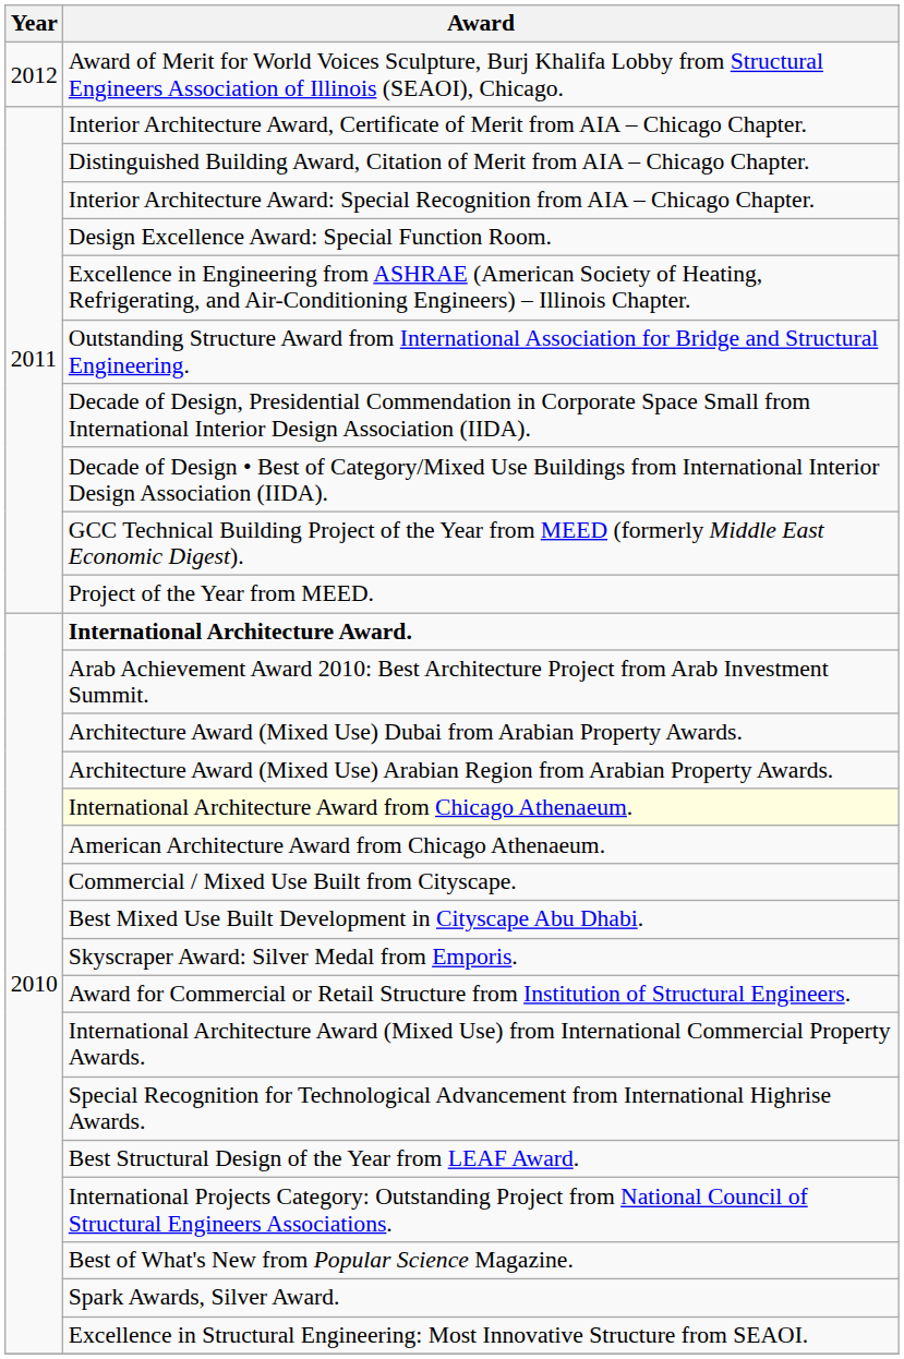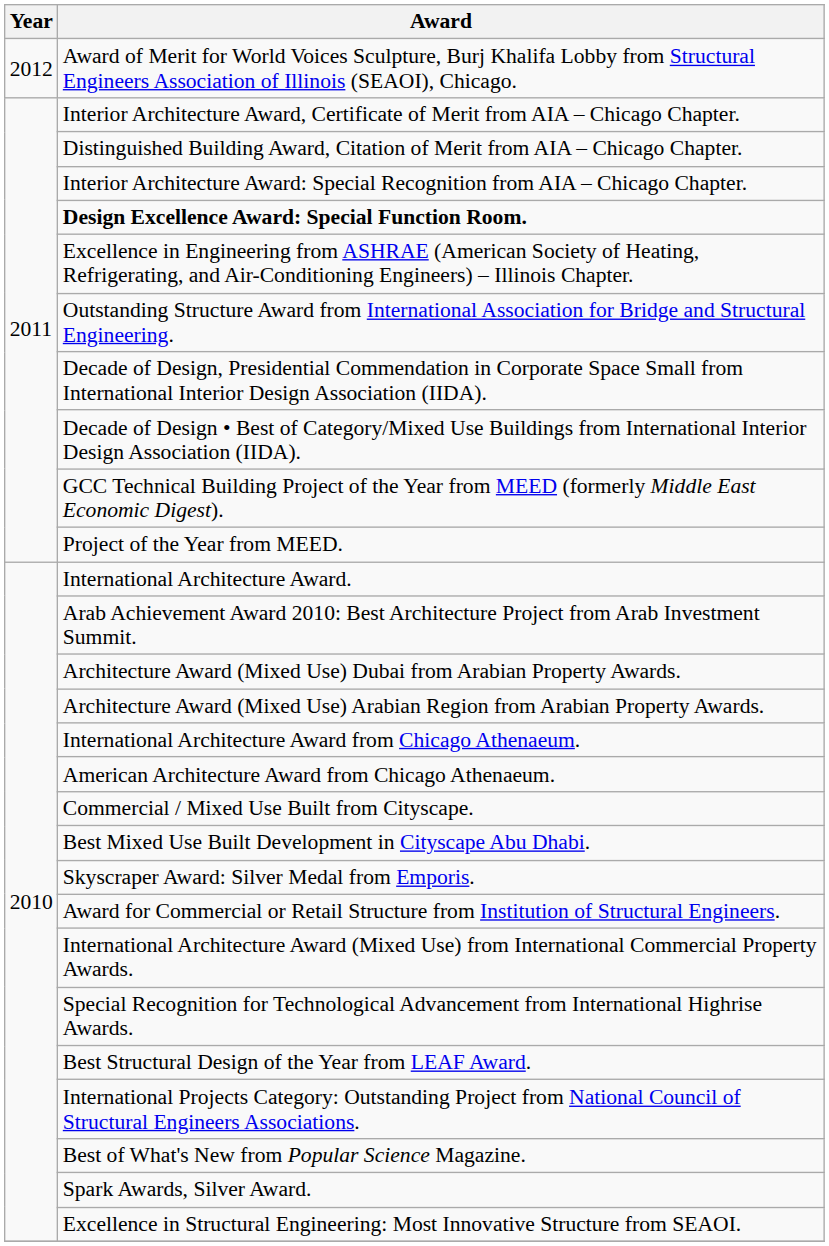 <table class="wikitable">
 <tr>
 <th>Year</th>
 <th>Award</th>
 </tr>
 <tr>
 <td>2012</td>
 <td>Award of Merit for World Voices Sculpture, Burj Khalifa Lobby from <a href='#'>Structural Engineers Association of Illinois</a> (SEAOI), Chicago.</td>
 </tr>
 <tr>
 <td rowspan="10" scope="row">2011</td>
 <td>Interior Architecture Award, Certificate of Merit from AIA – Chicago Chapter.</td>
 </tr>
 <tr>
 <td>Distinguished Building Award, Citation of Merit from AIA – Chicago Chapter.</td>
 </tr>
 <tr>
 <td>Interior Architecture Award: Special Recognition from AIA – Chicago Chapter.</td>
 </tr>
 <tr>
-<td>Design Excellence Award: Special Function Room.</td>
+<td><strong>Design Excellence Award: Special Function Room.</strong></td>
 </tr>
 <tr>
 <td>Excellence in Engineering from <a href='#'>ASHRAE</a> (American Society of Heating, Refrigerating, and Air-Conditioning Engineers) – Illinois Chapter.</td>
 </tr>
 <tr>
 <td>Outstanding Structure Award from <a href='#'>International Association for Bridge and Structural Engineering</a>.</td>
 </tr>
 <tr>
 <td>Decade of Design, Presidential Commendation in Corporate Space Small from International Interior Design Association (IIDA).</td>
 </tr>
 <tr>
 <td>Decade of Design • Best of Category/Mixed Use Buildings from International Interior Design Association (IIDA).</td>
 </tr>
 <tr>
 <td>GCC Technical Building Project of the Year from <a href='#'>MEED</a> (formerly <em>Middle East Economic Digest</em>).</td>
 </tr>
 <tr>
 <td>Project of the Year from MEED.</td>
 </tr>
 <tr>
 <td rowspan="17" scope="row">2010</td>
-<td><strong>International Architecture Award.</strong></td>
+<td>International Architecture Award.</td>
 </tr>
 <tr>
 <td>Arab Achievement Award 2010: Best Architecture Project from Arab Investment Summit.</td>
 </tr>
 <tr>
 <td>Architecture Award (Mixed Use) Dubai from Arabian Property Awards.</td>
 </tr>
 <tr>
 <td>Architecture Award (Mixed Use) Arabian Region from Arabian Property Awards.</td>
 </tr>
 <tr>
-<td style="background: lightyellow;">International Architecture Award from <a href='#'>Chicago Athenaeum</a>.</td>
+<td>International Architecture Award from <a href='#'>Chicago Athenaeum</a>.</td>
 </tr>
 <tr>
 <td>American Architecture Award from Chicago Athenaeum.</td>
 </tr>
 <tr>
 <td>Commercial / Mixed Use Built from Cityscape.</td>
 </tr>
 <tr>
 <td>Best Mixed Use Built Development in <a href='#'>Cityscape Abu Dhabi</a>.</td>
 </tr>
 <tr>
 <td>Skyscraper Award: Silver Medal from <a href='#'>Emporis</a>.</td>
 </tr>
 <tr>
 <td>Award for Commercial or Retail Structure from <a href='#'>Institution of Structural Engineers</a>.</td>
 </tr>
 <tr>
 <td>International Architecture Award (Mixed Use) from International Commercial Property Awards.</td>
 </tr>
 <tr>
 <td>Special Recognition for Technological Advancement from International Highrise Awards.</td>
 </tr>
 <tr>
 <td>Best Structural Design of the Year from <a href='#'>LEAF Award</a>.</td>
 </tr>
 <tr>
 <td>International Projects Category: Outstanding Project from <a href='#'>National Council of Structural Engineers Associations</a>.</td>
 </tr>
 <tr>
 <td>Best of What's New from <em>Popular Science</em> Magazine.</td>
 </tr>
 <tr>
 <td>Spark Awards, Silver Award.</td>
 </tr>
 <tr>
 <td>Excellence in Structural Engineering: Most Innovative Structure from SEAOI.</td>
 </tr>
 <tr>
 </tr>
 </table>
